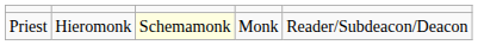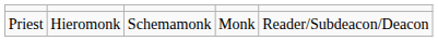 <table class="wikitable">
 <tr>
 <td></td>
 <td></td>
 <td></td>
 <td></td>
 <td></td>
 </tr>
 <tr>
 <td>Priest</td>
 <td>Hieromonk</td>
-<td style="background: lightyellow;">Schemamonk</td>
+<td>Schemamonk</td>
 <td>Monk</td>
 <td>Reader/Subdeacon/Deacon</td>
 </tr>
 </table>
